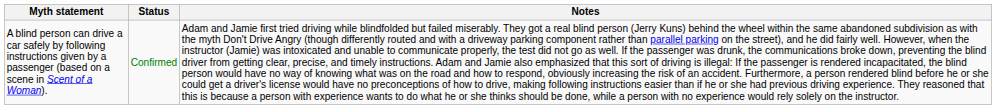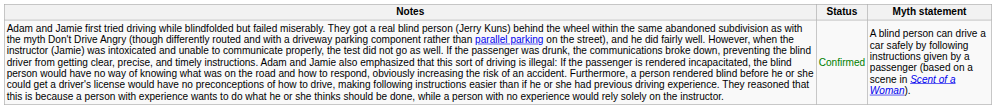 <table class="wikitable plainrowheaders">
 <tr>
+<th>Notes</th>
+<th>Status</th>
 <th>Myth statement</th>
-<th>Status</th>
-<th>Notes</th>
 </tr>
 <tr>
+<td>Adam and Jamie first tried driving while blindfolded but failed miserably. They got a real blind person (Jerry Kuns) behind the wheel within the same abandoned subdivision as with the myth Don't Drive Angry (though differently routed and with a driveway parking component rather than <a href='#'>parallel parking</a> on the street), and he did fairly well. However, when the instructor (Jamie) was intoxicated and unable to communicate properly, the test did not go as well. If the passenger was drunk, the communications broke down, preventing the blind driver from getting clear, precise, and timely instructions. Adam and Jamie also emphasized that this sort of driving is illegal: If the passenger is rendered incapacitated, the blind person would have no way of knowing what was on the road and how to respond, obviously increasing the risk of an accident. Furthermore, a person rendered blind before he or she could get a driver's license would have no preconceptions of how to drive, making following instructions easier than if he or she had previous driving experience. They reasoned that this is because a person with experience wants to do what he or she thinks should be done, while a person with no experience would rely solely on the instructor.</td>
+<td style="color:green">Confirmed</td>
 <td>A blind person can drive a car safely by following instructions given by a passenger (based on a scene in <em><a href='#'>Scent of a Woman</a></em>).</td>
-<td style="color:green">Confirmed</td>
-<td>Adam and Jamie first tried driving while blindfolded but failed miserably. They got a real blind person (Jerry Kuns) behind the wheel within the same abandoned subdivision as with the myth Don't Drive Angry (though differently routed and with a driveway parking component rather than <a href='#'>parallel parking</a> on the street), and he did fairly well. However, when the instructor (Jamie) was intoxicated and unable to communicate properly, the test did not go as well. If the passenger was drunk, the communications broke down, preventing the blind driver from getting clear, precise, and timely instructions. Adam and Jamie also emphasized that this sort of driving is illegal: If the passenger is rendered incapacitated, the blind person would have no way of knowing what was on the road and how to respond, obviously increasing the risk of an accident. Furthermore, a person rendered blind before he or she could get a driver's license would have no preconceptions of how to drive, making following instructions easier than if he or she had previous driving experience. They reasoned that this is because a person with experience wants to do what he or she thinks should be done, while a person with no experience would rely solely on the instructor.</td>
 </tr>
 </table>
